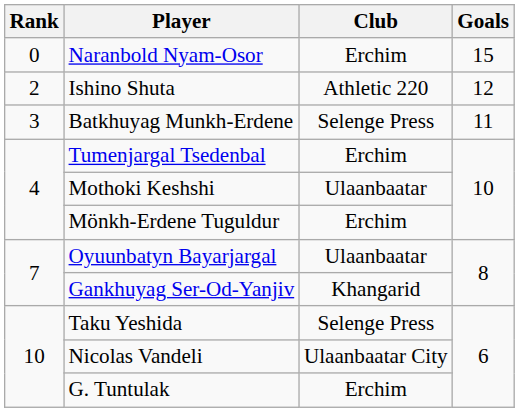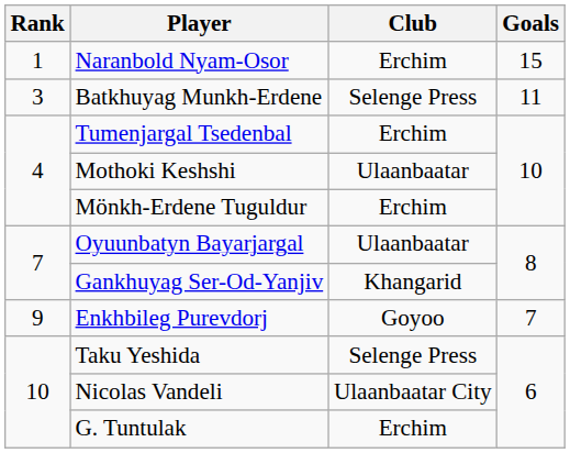 <table class="wikitable" style="text-align:center">
 <tr>
 <th>Rank</th>
 <th>Player</th>
 <th>Club</th>
 <th>Goals</th>
 </tr>
 <tr>
-<td>0</td>
+<td>1</td>
 <td align="left"> <a href='#'>Naranbold Nyam-Osor</a></td>
 <td>Erchim</td>
 <td>15</td>
-</tr>
-<tr>
-<td>2</td>
-<td align=left> Ishino Shuta</td>
-<td>Athletic 220</td>
-<td>12</td>
 </tr>
 <tr>
 <td>3</td>
 <td align=left> Batkhuyag Munkh-Erdene</td>
 <td>Selenge Press</td>
 <td>11</td>
 </tr>
 <tr>
 <td rowspan=3>4</td>
 <td align="left"> <a href='#'>Tumenjargal Tsedenbal</a></td>
 <td>Erchim</td>
 <td rowspan=3>10</td>
 </tr>
 <tr>
 <td align=left> Mothoki Keshshi</td>
 <td>Ulaanbaatar</td>
 </tr>
 <tr>
 <td align=left> Mönkh-Erdene Tuguldur</td>
 <td>Erchim</td>
 </tr>
 <tr>
 <td rowspan=2>7</td>
 <td align=left> <a href='#'>Oyuunbatyn Bayarjargal</a></td>
 <td>Ulaanbaatar</td>
 <td rowspan=2>8</td>
 </tr>
 <tr>
 <td align=left> <a href='#'>Gankhuyag Ser-Od-Yanjiv</a></td>
 <td>Khangarid</td>
 </tr>
 <tr>
+<td>9</td>
+<td align=left> <a href='#'>Enkhbileg Purevdorj</a></td>
+<td>Goyoo</td>
+<td>7</td>
+</tr>
+<tr>
 <td rowspan=3>10</td>
 <td align="left"> Taku Yeshida</td>
 <td>Selenge Press</td>
 <td rowspan=3>6</td>
 </tr>
 <tr>
 <td align="left"> Nicolas Vandeli</td>
 <td>Ulaanbaatar City</td>
 </tr>
 <tr>
 <td align="left"> G. Tuntulak</td>
 <td>Erchim</td>
 </tr>
 </table>
